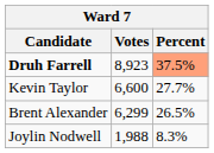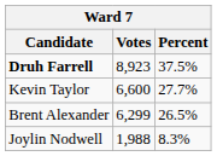 <table class="wikitable">
 <tr>
 <th colspan="3">Ward 7</th>
 </tr>
 <tr>
 <th>Candidate</th>
 <th>Votes</th>
 <th>Percent</th>
 </tr>
 <tr>
 <td><strong>Druh Farrell</strong></td>
 <td>8,923</td>
-<td style="background: lightsalmon;">37.5%</td>
+<td>37.5%</td>
 </tr>
 <tr>
 <td>Kevin Taylor</td>
 <td>6,600</td>
 <td>27.7%</td>
 </tr>
 <tr>
 <td>Brent Alexander</td>
 <td>6,299</td>
 <td>26.5%</td>
 </tr>
 <tr>
 <td>Joylin Nodwell</td>
 <td>1,988</td>
 <td>8.3%</td>
 </tr>
 </table>
